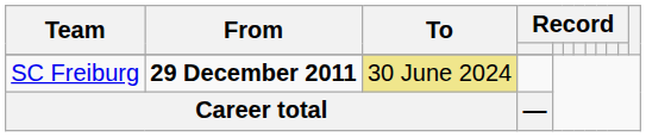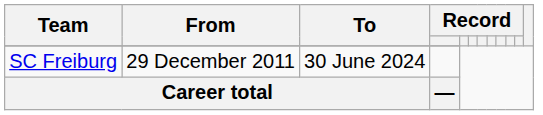 <table class="wikitable" style="text-align: center">
 <tr>
 <th rowspan="2">Team</th>
 <th rowspan="2">From</th>
 <th rowspan="2">To</th>
 <th colspan="8">Record</th>
 <th rowspan=2></th>
 </tr>
 <tr>
 <th></th>
 <th></th>
 <th></th>
 <th></th>
 <th></th>
 <th></th>
 <th></th>
 <th></th>
 </tr>
 <tr>
 </tr>
 <tr>
 <td><a href='#'>SC Freiburg</a></td>
-<td><strong>29 December 2011</strong></td>
-<td style="background: khaki;">30 June 2024<br></td>
+<td>29 December 2011</td>
+<td>30 June 2024<br></td>
 <td></td>
 </tr>
 <tr>
 <th colspan=3>Career total<br></th>
 <th>—</th>
 </tr>
 </table>
